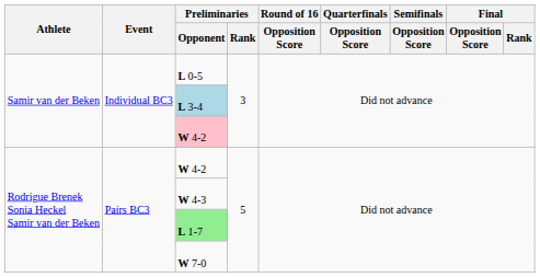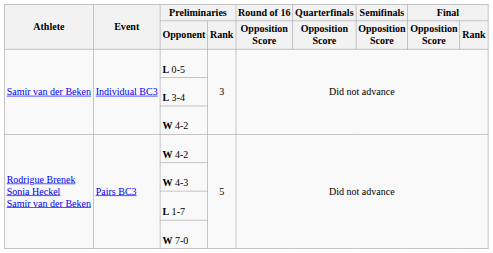 <table class=wikitable style="font-size:95%">
 <tr>
 <th rowspan="2">Athlete</th>
 <th rowspan="2">Event</th>
 <th colspan="2">Preliminaries</th>
 <th>Round of 16</th>
 <th>Quarterfinals</th>
 <th>Semifinals</th>
 <th colspan="2">Final</th>
 </tr>
 <tr>
 <th>Opponent</th>
 <th>Rank</th>
 <th>Opposition<br>Score</th>
 <th>Opposition<br>Score</th>
 <th>Opposition<br>Score</th>
 <th>Opposition<br>Score</th>
 <th>Rank</th>
 </tr>
 <tr align=center>
 <td align=left rowspan=3><a href='#'>Samir van der Beken</a></td>
 <td align=left rowspan=3><a href='#'>Individual BC3</a></td>
 <td align=left><br><strong>L</strong> 0-5</td>
 <td rowspan=3>3</td>
 <td rowspan=3 colspan=5>Did not advance</td>
 </tr>
 <tr>
-<td align=left style="background: lightblue;"><br><strong>L</strong> 3-4</td>
+<td align=left><br><strong>L</strong> 3-4</td>
 </tr>
 <tr>
-<td align=left style="background: pink;"><br><strong>W</strong> 4-2</td>
+<td align=left><br><strong>W</strong> 4-2</td>
 </tr>
 <tr align=center>
 <td align=left rowspan=4><a href='#'>Rodrigue Brenek</a><br><a href='#'>Sonia Heckel</a><br><a href='#'>Samir van der Beken</a></td>
 <td align=left rowspan=4><a href='#'>Pairs BC3</a></td>
 <td align=left><br><strong>W</strong> 4-2</td>
 <td rowspan=4>5</td>
 <td rowspan=4 colspan=5>Did not advance</td>
 </tr>
 <tr>
 <td align=left><br><strong>W</strong> 4-3</td>
 </tr>
 <tr>
-<td align=left style="background: lightgreen;"><br><strong>L</strong> 1-7</td>
+<td align=left><br><strong>L</strong> 1-7</td>
 </tr>
 <tr>
 <td align=left><br><strong>W</strong> 7-0</td>
 </tr>
 </table>
